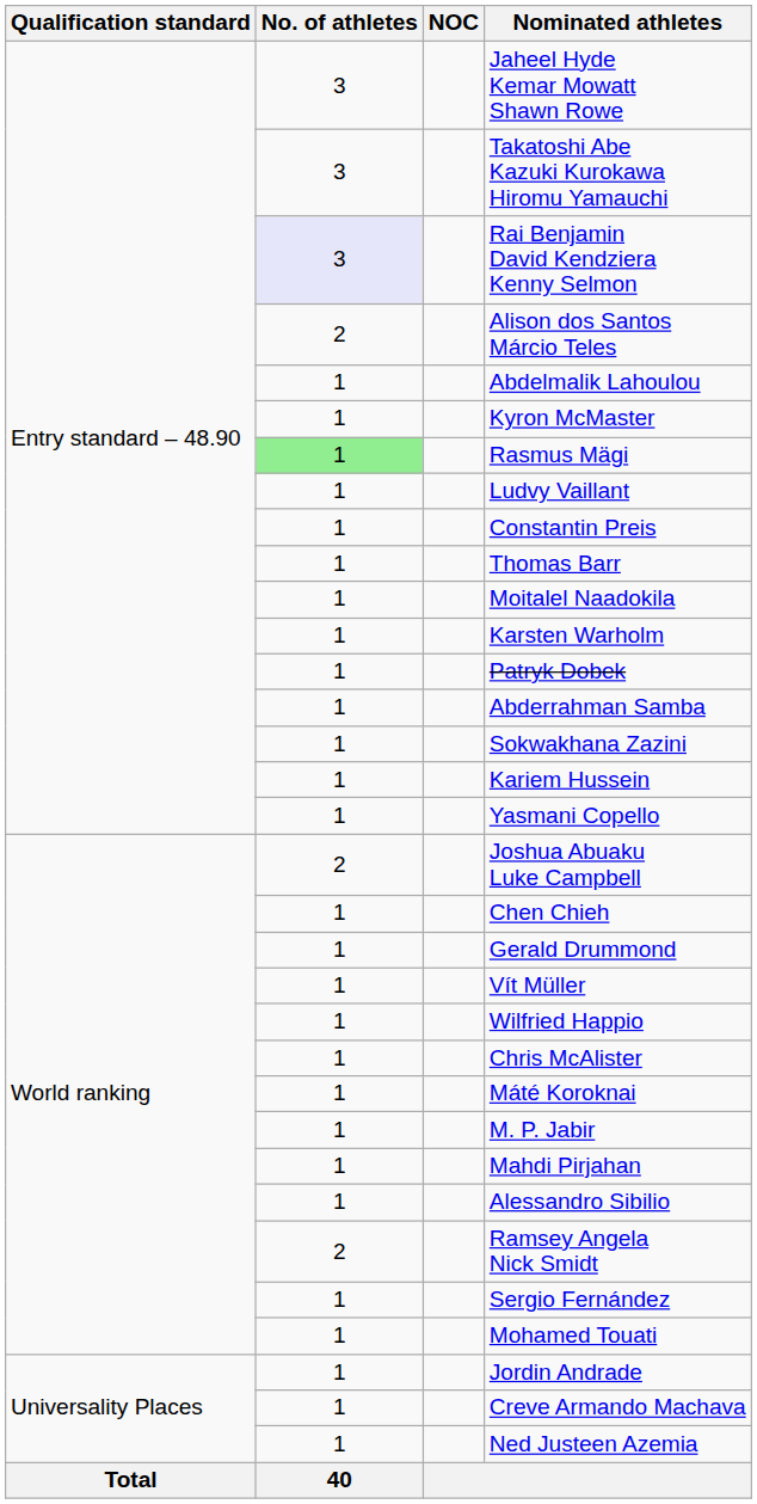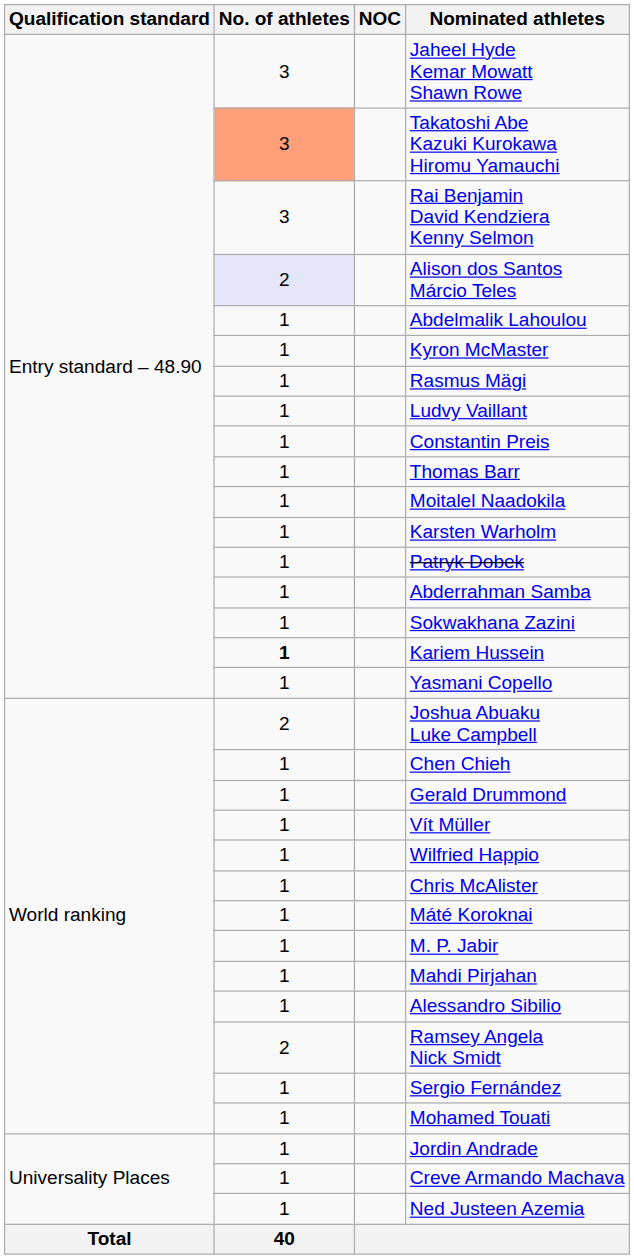 <table class="wikitable" style="text-align:left;">
 <tr>
 <th>Qualification standard</th>
 <th>No. of athletes</th>
 <th>NOC</th>
 <th>Nominated athletes</th>
 </tr>
 <tr>
 <td rowspan=17>Entry standard – 48.90</td>
 <td align=center>3</td>
 <td></td>
 <td><a href='#'>Jaheel Hyde</a><br><a href='#'>Kemar Mowatt</a><br><a href='#'>Shawn Rowe</a></td>
 </tr>
 <tr>
-<td align=center>3</td>
+<td align=center style="background: lightsalmon;">3</td>
 <td></td>
 <td><a href='#'>Takatoshi Abe</a><br><a href='#'>Kazuki Kurokawa</a><br><a href='#'>Hiromu Yamauchi</a></td>
 </tr>
 <tr>
-<td align=center style="background: lavender;">3</td>
+<td align=center>3</td>
 <td></td>
 <td><a href='#'>Rai Benjamin</a><br><a href='#'>David Kendziera</a><br><a href='#'>Kenny Selmon</a></td>
 </tr>
 <tr>
-<td align=center>2</td>
+<td align=center style="background: lavender;">2</td>
 <td></td>
 <td><a href='#'>Alison dos Santos</a><br><a href='#'>Márcio Teles</a></td>
 </tr>
 <tr>
 <td align=center>1</td>
 <td></td>
 <td><a href='#'>Abdelmalik Lahoulou</a></td>
 </tr>
 <tr>
 <td align=center>1</td>
 <td></td>
 <td><a href='#'>Kyron McMaster</a></td>
 </tr>
 <tr>
-<td align=center style="background: lightgreen;">1</td>
+<td align=center>1</td>
 <td></td>
 <td><a href='#'>Rasmus Mägi</a></td>
 </tr>
 <tr>
 <td align=center>1</td>
 <td></td>
 <td><a href='#'>Ludvy Vaillant</a></td>
 </tr>
 <tr>
 <td align=center>1</td>
 <td></td>
 <td><a href='#'>Constantin Preis</a></td>
 </tr>
 <tr>
 <td align=center>1</td>
 <td></td>
 <td><a href='#'>Thomas Barr</a></td>
 </tr>
 <tr>
 <td align=center>1</td>
 <td></td>
 <td><a href='#'>Moitalel Naadokila</a></td>
 </tr>
 <tr>
 <td align=center>1</td>
 <td></td>
 <td><a href='#'>Karsten Warholm</a></td>
 </tr>
 <tr>
 <td align=center>1</td>
 <td></td>
 <td><s><a href='#'>Patryk Dobek</a></s></td>
 </tr>
 <tr>
 <td align=center>1</td>
 <td></td>
 <td><a href='#'>Abderrahman Samba</a></td>
 </tr>
 <tr>
 <td align=center>1</td>
 <td></td>
 <td><a href='#'>Sokwakhana Zazini</a></td>
 </tr>
 <tr>
-<td align=center>1</td>
+<td align=center><strong>1</strong></td>
 <td></td>
 <td><a href='#'>Kariem Hussein</a></td>
 </tr>
 <tr>
 <td align=center>1</td>
 <td></td>
 <td><a href='#'>Yasmani Copello</a></td>
 </tr>
 <tr>
 <td rowspan=13>World ranking</td>
 <td align=center>2</td>
 <td></td>
 <td><a href='#'>Joshua Abuaku</a><br><a href='#'>Luke Campbell</a></td>
 </tr>
 <tr>
 <td align=center>1</td>
 <td></td>
 <td><a href='#'>Chen Chieh</a></td>
 </tr>
 <tr>
 <td align=center>1</td>
 <td></td>
 <td><a href='#'>Gerald Drummond</a></td>
 </tr>
 <tr>
 <td align=center>1</td>
 <td></td>
 <td><a href='#'>Vít Müller</a></td>
 </tr>
 <tr>
 <td align=center>1</td>
 <td></td>
 <td><a href='#'>Wilfried Happio</a></td>
 </tr>
 <tr>
 <td align=center>1</td>
 <td></td>
 <td><a href='#'>Chris McAlister</a></td>
 </tr>
 <tr>
 <td align=center>1</td>
 <td></td>
 <td><a href='#'>Máté Koroknai</a></td>
 </tr>
 <tr>
 <td align=center>1</td>
 <td></td>
 <td><a href='#'>M. P. Jabir</a></td>
 </tr>
 <tr>
 <td align=center>1</td>
 <td></td>
 <td><a href='#'>Mahdi Pirjahan</a></td>
 </tr>
 <tr>
 <td align=center>1</td>
 <td></td>
 <td><a href='#'>Alessandro Sibilio</a></td>
 </tr>
 <tr>
 <td align=center>2</td>
 <td></td>
 <td><a href='#'>Ramsey Angela</a><br><a href='#'>Nick Smidt</a></td>
 </tr>
 <tr>
 <td align=center>1</td>
 <td></td>
 <td><a href='#'>Sergio Fernández</a></td>
 </tr>
 <tr>
 <td align=center>1</td>
 <td></td>
 <td><a href='#'>Mohamed Touati</a></td>
 </tr>
 <tr>
 <td rowspan=3>Universality Places</td>
 <td align=center>1</td>
 <td></td>
 <td><a href='#'>Jordin Andrade</a></td>
 </tr>
 <tr>
 <td align=center>1</td>
 <td></td>
 <td><a href='#'>Creve Armando Machava</a></td>
 </tr>
 <tr>
 <td align=center>1</td>
 <td></td>
 <td><a href='#'>Ned Justeen Azemia</a></td>
 </tr>
 <tr>
 <th>Total</th>
 <th>40</th>
 <th colspan=2></th>
 </tr>
 </table>
